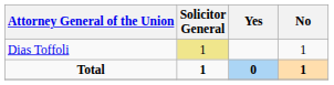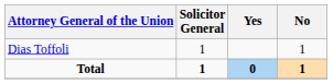 <table class="wikitable">
 <tr>
 <th><a href='#'>Attorney General of the Union</a></th>
 <th width="55pt">Solicitor General</th>
 <th width="55pt">Yes</th>
 <th width="55pt">No</th>
 </tr>
 <tr>
 <td align="left"><a href='#'>Dias Toffoli</a></td>
-<td align="center" style="background: khaki;">1</td>
+<td align="center">1</td>
 <td align="center"></td>
 <td align="center">1</td>
 </tr>
 <tr>
 <td align="center"><strong>Total</strong></td>
 <td align="center"><strong>1</strong></td>
 <td align="center" bgcolor="#abd5f5"><strong>0</strong></td>
 <td align="center" bgcolor="#FFDEAD"><strong>1</strong></td>
 </tr>
 <tr>
 </tr>
 </table>
